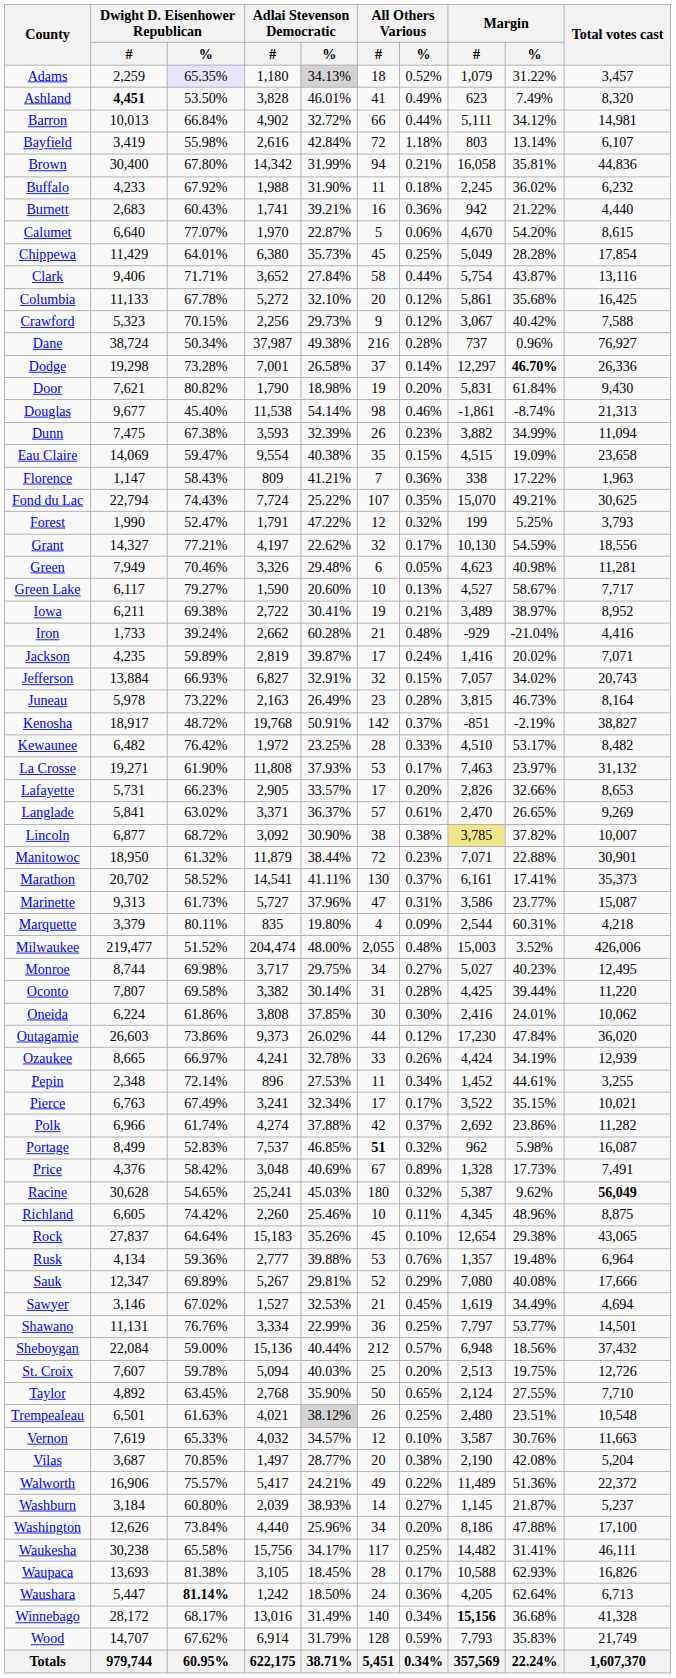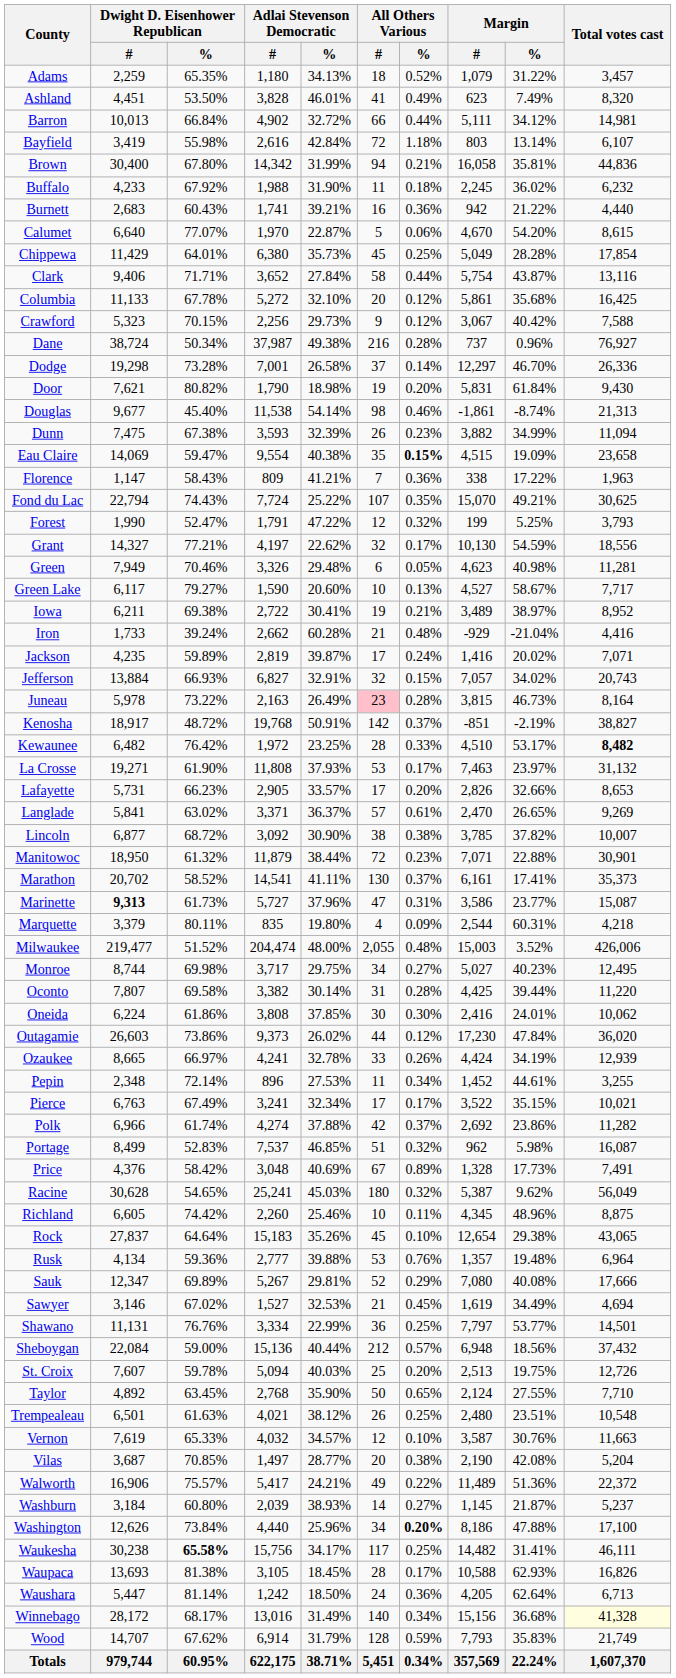 <table width="60%" class="wikitable sortable">
 <tr>
 <th style="text-align:center;" rowspan="2">County</th>
 <th style="text-align:center;" colspan="2">Dwight D. Eisenhower<br>Republican</th>
 <th style="text-align:center;" colspan="2">Adlai Stevenson<br>Democratic</th>
 <th style="text-align:center;" colspan="2">All Others<br>Various</th>
 <th style="text-align:center;" colspan="2">Margin</th>
 <th style="text-align:center;" rowspan="2">Total votes cast</th>
 </tr>
 <tr>
 <th style="text-align:center;" data-sort-type="number">#</th>
 <th style="text-align:center;" data-sort-type="number">%</th>
 <th style="text-align:center;" data-sort-type="number">#</th>
 <th style="text-align:center;" data-sort-type="number">%</th>
 <th style="text-align:center;" data-sort-type="number">#</th>
 <th style="text-align:center;" data-sort-type="number">%</th>
 <th style="text-align:center;" data-sort-type="number">#</th>
 <th style="text-align:center;" data-sort-type="number">%</th>
 </tr>
 <tr style="text-align:center;">
 <td><a href='#'>Adams</a></td>
 <td>2,259</td>
-<td style="background: lavender;">65.35%</td>
+<td>65.35%</td>
 <td>1,180</td>
-<td style="background: lightgrey;">34.13%</td>
+<td>34.13%</td>
 <td>18</td>
 <td>0.52%</td>
 <td>1,079</td>
 <td>31.22%</td>
 <td>3,457</td>
 </tr>
 <tr style="text-align:center;">
 <td><a href='#'>Ashland</a></td>
-<td><strong>4,451</strong></td>
+<td>4,451</td>
 <td>53.50%</td>
 <td>3,828</td>
 <td>46.01%</td>
 <td>41</td>
 <td>0.49%</td>
 <td>623</td>
 <td>7.49%</td>
 <td>8,320</td>
 </tr>
 <tr style="text-align:center;">
 <td><a href='#'>Barron</a></td>
 <td>10,013</td>
 <td>66.84%</td>
 <td>4,902</td>
 <td>32.72%</td>
 <td>66</td>
 <td>0.44%</td>
 <td>5,111</td>
 <td>34.12%</td>
 <td>14,981</td>
 </tr>
 <tr style="text-align:center;">
 <td><a href='#'>Bayfield</a></td>
 <td>3,419</td>
 <td>55.98%</td>
 <td>2,616</td>
 <td>42.84%</td>
 <td>72</td>
 <td>1.18%</td>
 <td>803</td>
 <td>13.14%</td>
 <td>6,107</td>
 </tr>
 <tr style="text-align:center;">
 <td><a href='#'>Brown</a></td>
 <td>30,400</td>
 <td>67.80%</td>
 <td>14,342</td>
 <td>31.99%</td>
 <td>94</td>
 <td>0.21%</td>
 <td>16,058</td>
 <td>35.81%</td>
 <td>44,836</td>
 </tr>
 <tr style="text-align:center;">
 <td><a href='#'>Buffalo</a></td>
 <td>4,233</td>
 <td>67.92%</td>
 <td>1,988</td>
 <td>31.90%</td>
 <td>11</td>
 <td>0.18%</td>
 <td>2,245</td>
 <td>36.02%</td>
 <td>6,232</td>
 </tr>
 <tr style="text-align:center;">
 <td><a href='#'>Burnett</a></td>
 <td>2,683</td>
 <td>60.43%</td>
 <td>1,741</td>
 <td>39.21%</td>
 <td>16</td>
 <td>0.36%</td>
 <td>942</td>
 <td>21.22%</td>
 <td>4,440</td>
 </tr>
 <tr style="text-align:center;">
 <td><a href='#'>Calumet</a></td>
 <td>6,640</td>
 <td>77.07%</td>
 <td>1,970</td>
 <td>22.87%</td>
 <td>5</td>
 <td>0.06%</td>
 <td>4,670</td>
 <td>54.20%</td>
 <td>8,615</td>
 </tr>
 <tr style="text-align:center;">
 <td><a href='#'>Chippewa</a></td>
 <td>11,429</td>
 <td>64.01%</td>
 <td>6,380</td>
 <td>35.73%</td>
 <td>45</td>
 <td>0.25%</td>
 <td>5,049</td>
 <td>28.28%</td>
 <td>17,854</td>
 </tr>
 <tr style="text-align:center;">
 <td><a href='#'>Clark</a></td>
 <td>9,406</td>
 <td>71.71%</td>
 <td>3,652</td>
 <td>27.84%</td>
 <td>58</td>
 <td>0.44%</td>
 <td>5,754</td>
 <td>43.87%</td>
 <td>13,116</td>
 </tr>
 <tr style="text-align:center;">
 <td><a href='#'>Columbia</a></td>
 <td>11,133</td>
 <td>67.78%</td>
 <td>5,272</td>
 <td>32.10%</td>
 <td>20</td>
 <td>0.12%</td>
 <td>5,861</td>
 <td>35.68%</td>
 <td>16,425</td>
 </tr>
 <tr style="text-align:center;">
 <td><a href='#'>Crawford</a></td>
 <td>5,323</td>
 <td>70.15%</td>
 <td>2,256</td>
 <td>29.73%</td>
 <td>9</td>
 <td>0.12%</td>
 <td>3,067</td>
 <td>40.42%</td>
 <td>7,588</td>
 </tr>
 <tr style="text-align:center;">
 <td><a href='#'>Dane</a></td>
 <td>38,724</td>
 <td>50.34%</td>
 <td>37,987</td>
 <td>49.38%</td>
 <td>216</td>
 <td>0.28%</td>
 <td>737</td>
 <td>0.96%</td>
 <td>76,927</td>
 </tr>
 <tr style="text-align:center;">
 <td><a href='#'>Dodge</a></td>
 <td>19,298</td>
 <td>73.28%</td>
 <td>7,001</td>
 <td>26.58%</td>
 <td>37</td>
 <td>0.14%</td>
 <td>12,297</td>
-<td><strong>46.70%</strong></td>
+<td>46.70%</td>
 <td>26,336</td>
 </tr>
 <tr style="text-align:center;">
 <td><a href='#'>Door</a></td>
 <td>7,621</td>
 <td>80.82%</td>
 <td>1,790</td>
 <td>18.98%</td>
 <td>19</td>
 <td>0.20%</td>
 <td>5,831</td>
 <td>61.84%</td>
 <td>9,430</td>
 </tr>
 <tr style="text-align:center;">
 <td><a href='#'>Douglas</a></td>
 <td>9,677</td>
 <td>45.40%</td>
 <td>11,538</td>
 <td>54.14%</td>
 <td>98</td>
 <td>0.46%</td>
 <td>-1,861</td>
 <td>-8.74%</td>
 <td>21,313</td>
 </tr>
 <tr style="text-align:center;">
 <td><a href='#'>Dunn</a></td>
 <td>7,475</td>
 <td>67.38%</td>
 <td>3,593</td>
 <td>32.39%</td>
 <td>26</td>
 <td>0.23%</td>
 <td>3,882</td>
 <td>34.99%</td>
 <td>11,094</td>
 </tr>
 <tr style="text-align:center;">
 <td><a href='#'>Eau Claire</a></td>
 <td>14,069</td>
 <td>59.47%</td>
 <td>9,554</td>
 <td>40.38%</td>
 <td>35</td>
-<td>0.15%</td>
+<td><strong>0.15%</strong></td>
 <td>4,515</td>
 <td>19.09%</td>
 <td>23,658</td>
 </tr>
 <tr style="text-align:center;">
 <td><a href='#'>Florence</a></td>
 <td>1,147</td>
 <td>58.43%</td>
 <td>809</td>
 <td>41.21%</td>
 <td>7</td>
 <td>0.36%</td>
 <td>338</td>
 <td>17.22%</td>
 <td>1,963</td>
 </tr>
 <tr style="text-align:center;">
 <td><a href='#'>Fond du Lac</a></td>
 <td>22,794</td>
 <td>74.43%</td>
 <td>7,724</td>
 <td>25.22%</td>
 <td>107</td>
 <td>0.35%</td>
 <td>15,070</td>
 <td>49.21%</td>
 <td>30,625</td>
 </tr>
 <tr style="text-align:center;">
 <td><a href='#'>Forest</a></td>
 <td>1,990</td>
 <td>52.47%</td>
 <td>1,791</td>
 <td>47.22%</td>
 <td>12</td>
 <td>0.32%</td>
 <td>199</td>
 <td>5.25%</td>
 <td>3,793</td>
 </tr>
 <tr style="text-align:center;">
 <td><a href='#'>Grant</a></td>
 <td>14,327</td>
 <td>77.21%</td>
 <td>4,197</td>
 <td>22.62%</td>
 <td>32</td>
 <td>0.17%</td>
 <td>10,130</td>
 <td>54.59%</td>
 <td>18,556</td>
 </tr>
 <tr style="text-align:center;">
 <td><a href='#'>Green</a></td>
 <td>7,949</td>
 <td>70.46%</td>
 <td>3,326</td>
 <td>29.48%</td>
 <td>6</td>
 <td>0.05%</td>
 <td>4,623</td>
 <td>40.98%</td>
 <td>11,281</td>
 </tr>
 <tr style="text-align:center;">
 <td><a href='#'>Green Lake</a></td>
 <td>6,117</td>
 <td>79.27%</td>
 <td>1,590</td>
 <td>20.60%</td>
 <td>10</td>
 <td>0.13%</td>
 <td>4,527</td>
 <td>58.67%</td>
 <td>7,717</td>
 </tr>
 <tr style="text-align:center;">
 <td><a href='#'>Iowa</a></td>
 <td>6,211</td>
 <td>69.38%</td>
 <td>2,722</td>
 <td>30.41%</td>
 <td>19</td>
 <td>0.21%</td>
 <td>3,489</td>
 <td>38.97%</td>
 <td>8,952</td>
 </tr>
 <tr style="text-align:center;">
 <td><a href='#'>Iron</a></td>
 <td>1,733</td>
 <td>39.24%</td>
 <td>2,662</td>
 <td>60.28%</td>
 <td>21</td>
 <td>0.48%</td>
 <td>-929</td>
 <td>-21.04%</td>
 <td>4,416</td>
 </tr>
 <tr style="text-align:center;">
 <td><a href='#'>Jackson</a></td>
 <td>4,235</td>
 <td>59.89%</td>
 <td>2,819</td>
 <td>39.87%</td>
 <td>17</td>
 <td>0.24%</td>
 <td>1,416</td>
 <td>20.02%</td>
 <td>7,071</td>
 </tr>
 <tr style="text-align:center;">
 <td><a href='#'>Jefferson</a></td>
 <td>13,884</td>
 <td>66.93%</td>
 <td>6,827</td>
 <td>32.91%</td>
 <td>32</td>
 <td>0.15%</td>
 <td>7,057</td>
 <td>34.02%</td>
 <td>20,743</td>
 </tr>
 <tr style="text-align:center;">
 <td><a href='#'>Juneau</a></td>
 <td>5,978</td>
 <td>73.22%</td>
 <td>2,163</td>
 <td>26.49%</td>
-<td>23</td>
+<td style="background: pink;">23</td>
 <td>0.28%</td>
 <td>3,815</td>
 <td>46.73%</td>
 <td>8,164</td>
 </tr>
 <tr style="text-align:center;">
 <td><a href='#'>Kenosha</a></td>
 <td>18,917</td>
 <td>48.72%</td>
 <td>19,768</td>
 <td>50.91%</td>
 <td>142</td>
 <td>0.37%</td>
 <td>-851</td>
 <td>-2.19%</td>
 <td>38,827</td>
 </tr>
 <tr style="text-align:center;">
 <td><a href='#'>Kewaunee</a></td>
 <td>6,482</td>
 <td>76.42%</td>
 <td>1,972</td>
 <td>23.25%</td>
 <td>28</td>
 <td>0.33%</td>
 <td>4,510</td>
 <td>53.17%</td>
-<td>8,482</td>
+<td><strong>8,482</strong></td>
 </tr>
 <tr style="text-align:center;">
 <td><a href='#'>La Crosse</a></td>
 <td>19,271</td>
 <td>61.90%</td>
 <td>11,808</td>
 <td>37.93%</td>
 <td>53</td>
 <td>0.17%</td>
 <td>7,463</td>
 <td>23.97%</td>
 <td>31,132</td>
 </tr>
 <tr style="text-align:center;">
 <td><a href='#'>Lafayette</a></td>
 <td>5,731</td>
 <td>66.23%</td>
 <td>2,905</td>
 <td>33.57%</td>
 <td>17</td>
 <td>0.20%</td>
 <td>2,826</td>
 <td>32.66%</td>
 <td>8,653</td>
 </tr>
 <tr style="text-align:center;">
 <td><a href='#'>Langlade</a></td>
 <td>5,841</td>
 <td>63.02%</td>
 <td>3,371</td>
 <td>36.37%</td>
 <td>57</td>
 <td>0.61%</td>
 <td>2,470</td>
 <td>26.65%</td>
 <td>9,269</td>
 </tr>
 <tr style="text-align:center;">
 <td><a href='#'>Lincoln</a></td>
 <td>6,877</td>
 <td>68.72%</td>
 <td>3,092</td>
 <td>30.90%</td>
 <td>38</td>
 <td>0.38%</td>
-<td style="background: khaki;">3,785</td>
+<td>3,785</td>
 <td>37.82%</td>
 <td>10,007</td>
 </tr>
 <tr style="text-align:center;">
 <td><a href='#'>Manitowoc</a></td>
 <td>18,950</td>
 <td>61.32%</td>
 <td>11,879</td>
 <td>38.44%</td>
 <td>72</td>
 <td>0.23%</td>
 <td>7,071</td>
 <td>22.88%</td>
 <td>30,901</td>
 </tr>
 <tr style="text-align:center;">
 <td><a href='#'>Marathon</a></td>
 <td>20,702</td>
 <td>58.52%</td>
 <td>14,541</td>
 <td>41.11%</td>
 <td>130</td>
 <td>0.37%</td>
 <td>6,161</td>
 <td>17.41%</td>
 <td>35,373</td>
 </tr>
 <tr style="text-align:center;">
 <td><a href='#'>Marinette</a></td>
-<td>9,313</td>
+<td><strong>9,313</strong></td>
 <td>61.73%</td>
 <td>5,727</td>
 <td>37.96%</td>
 <td>47</td>
 <td>0.31%</td>
 <td>3,586</td>
 <td>23.77%</td>
 <td>15,087</td>
 </tr>
 <tr style="text-align:center;">
 <td><a href='#'>Marquette</a></td>
 <td>3,379</td>
 <td>80.11%</td>
 <td>835</td>
 <td>19.80%</td>
 <td>4</td>
 <td>0.09%</td>
 <td>2,544</td>
 <td>60.31%</td>
 <td>4,218</td>
 </tr>
 <tr style="text-align:center;">
 <td><a href='#'>Milwaukee</a></td>
 <td>219,477</td>
 <td>51.52%</td>
 <td>204,474</td>
 <td>48.00%</td>
 <td>2,055</td>
 <td>0.48%</td>
 <td>15,003</td>
 <td>3.52%</td>
 <td>426,006</td>
 </tr>
 <tr style="text-align:center;">
 <td><a href='#'>Monroe</a></td>
 <td>8,744</td>
 <td>69.98%</td>
 <td>3,717</td>
 <td>29.75%</td>
 <td>34</td>
 <td>0.27%</td>
 <td>5,027</td>
 <td>40.23%</td>
 <td>12,495</td>
 </tr>
 <tr style="text-align:center;">
 <td><a href='#'>Oconto</a></td>
 <td>7,807</td>
 <td>69.58%</td>
 <td>3,382</td>
 <td>30.14%</td>
 <td>31</td>
 <td>0.28%</td>
 <td>4,425</td>
 <td>39.44%</td>
 <td>11,220</td>
 </tr>
 <tr style="text-align:center;">
 <td><a href='#'>Oneida</a></td>
 <td>6,224</td>
 <td>61.86%</td>
 <td>3,808</td>
 <td>37.85%</td>
 <td>30</td>
 <td>0.30%</td>
 <td>2,416</td>
 <td>24.01%</td>
 <td>10,062</td>
 </tr>
 <tr style="text-align:center;">
 <td><a href='#'>Outagamie</a></td>
 <td>26,603</td>
 <td>73.86%</td>
 <td>9,373</td>
 <td>26.02%</td>
 <td>44</td>
 <td>0.12%</td>
 <td>17,230</td>
 <td>47.84%</td>
 <td>36,020</td>
 </tr>
 <tr style="text-align:center;">
 <td><a href='#'>Ozaukee</a></td>
 <td>8,665</td>
 <td>66.97%</td>
 <td>4,241</td>
 <td>32.78%</td>
 <td>33</td>
 <td>0.26%</td>
 <td>4,424</td>
 <td>34.19%</td>
 <td>12,939</td>
 </tr>
 <tr style="text-align:center;">
 <td><a href='#'>Pepin</a></td>
 <td>2,348</td>
 <td>72.14%</td>
 <td>896</td>
 <td>27.53%</td>
 <td>11</td>
 <td>0.34%</td>
 <td>1,452</td>
 <td>44.61%</td>
 <td>3,255</td>
 </tr>
 <tr style="text-align:center;">
 <td><a href='#'>Pierce</a></td>
 <td>6,763</td>
 <td>67.49%</td>
 <td>3,241</td>
 <td>32.34%</td>
 <td>17</td>
 <td>0.17%</td>
 <td>3,522</td>
 <td>35.15%</td>
 <td>10,021</td>
 </tr>
 <tr style="text-align:center;">
 <td><a href='#'>Polk</a></td>
 <td>6,966</td>
 <td>61.74%</td>
 <td>4,274</td>
 <td>37.88%</td>
 <td>42</td>
 <td>0.37%</td>
 <td>2,692</td>
 <td>23.86%</td>
 <td>11,282</td>
 </tr>
 <tr style="text-align:center;">
 <td><a href='#'>Portage</a></td>
 <td>8,499</td>
 <td>52.83%</td>
 <td>7,537</td>
 <td>46.85%</td>
-<td><strong>51</strong></td>
+<td>51</td>
 <td>0.32%</td>
 <td>962</td>
 <td>5.98%</td>
 <td>16,087</td>
 </tr>
 <tr style="text-align:center;">
 <td><a href='#'>Price</a></td>
 <td>4,376</td>
 <td>58.42%</td>
 <td>3,048</td>
 <td>40.69%</td>
 <td>67</td>
 <td>0.89%</td>
 <td>1,328</td>
 <td>17.73%</td>
 <td>7,491</td>
 </tr>
 <tr style="text-align:center;">
 <td><a href='#'>Racine</a></td>
 <td>30,628</td>
 <td>54.65%</td>
 <td>25,241</td>
 <td>45.03%</td>
 <td>180</td>
 <td>0.32%</td>
 <td>5,387</td>
 <td>9.62%</td>
-<td><strong>56,049</strong></td>
+<td>56,049</td>
 </tr>
 <tr style="text-align:center;">
 <td><a href='#'>Richland</a></td>
 <td>6,605</td>
 <td>74.42%</td>
 <td>2,260</td>
 <td>25.46%</td>
 <td>10</td>
 <td>0.11%</td>
 <td>4,345</td>
 <td>48.96%</td>
 <td>8,875</td>
 </tr>
 <tr style="text-align:center;">
 <td><a href='#'>Rock</a></td>
 <td>27,837</td>
 <td>64.64%</td>
 <td>15,183</td>
 <td>35.26%</td>
 <td>45</td>
 <td>0.10%</td>
 <td>12,654</td>
 <td>29.38%</td>
 <td>43,065</td>
 </tr>
 <tr style="text-align:center;">
 <td><a href='#'>Rusk</a></td>
 <td>4,134</td>
 <td>59.36%</td>
 <td>2,777</td>
 <td>39.88%</td>
 <td>53</td>
 <td>0.76%</td>
 <td>1,357</td>
 <td>19.48%</td>
 <td>6,964</td>
 </tr>
 <tr style="text-align:center;">
 <td><a href='#'>Sauk</a></td>
 <td>12,347</td>
 <td>69.89%</td>
 <td>5,267</td>
 <td>29.81%</td>
 <td>52</td>
 <td>0.29%</td>
 <td>7,080</td>
 <td>40.08%</td>
 <td>17,666</td>
 </tr>
 <tr style="text-align:center;">
 <td><a href='#'>Sawyer</a></td>
 <td>3,146</td>
 <td>67.02%</td>
 <td>1,527</td>
 <td>32.53%</td>
 <td>21</td>
 <td>0.45%</td>
 <td>1,619</td>
 <td>34.49%</td>
 <td>4,694</td>
 </tr>
 <tr style="text-align:center;">
 <td><a href='#'>Shawano</a></td>
 <td>11,131</td>
 <td>76.76%</td>
 <td>3,334</td>
 <td>22.99%</td>
 <td>36</td>
 <td>0.25%</td>
 <td>7,797</td>
 <td>53.77%</td>
 <td>14,501</td>
 </tr>
 <tr style="text-align:center;">
 <td><a href='#'>Sheboygan</a></td>
 <td>22,084</td>
 <td>59.00%</td>
 <td>15,136</td>
 <td>40.44%</td>
 <td>212</td>
 <td>0.57%</td>
 <td>6,948</td>
 <td>18.56%</td>
 <td>37,432</td>
 </tr>
 <tr style="text-align:center;">
 <td><a href='#'>St. Croix</a></td>
 <td>7,607</td>
 <td>59.78%</td>
 <td>5,094</td>
 <td>40.03%</td>
 <td>25</td>
 <td>0.20%</td>
 <td>2,513</td>
 <td>19.75%</td>
 <td>12,726</td>
 </tr>
 <tr style="text-align:center;">
 <td><a href='#'>Taylor</a></td>
 <td>4,892</td>
 <td>63.45%</td>
 <td>2,768</td>
 <td>35.90%</td>
 <td>50</td>
 <td>0.65%</td>
 <td>2,124</td>
 <td>27.55%</td>
 <td>7,710</td>
 </tr>
 <tr style="text-align:center;">
 <td><a href='#'>Trempealeau</a></td>
 <td>6,501</td>
 <td>61.63%</td>
 <td>4,021</td>
-<td style="background: lightgrey;">38.12%</td>
+<td>38.12%</td>
 <td>26</td>
 <td>0.25%</td>
 <td>2,480</td>
 <td>23.51%</td>
 <td>10,548</td>
 </tr>
 <tr style="text-align:center;">
 <td><a href='#'>Vernon</a></td>
 <td>7,619</td>
 <td>65.33%</td>
 <td>4,032</td>
 <td>34.57%</td>
 <td>12</td>
 <td>0.10%</td>
 <td>3,587</td>
 <td>30.76%</td>
 <td>11,663</td>
 </tr>
 <tr style="text-align:center;">
 <td><a href='#'>Vilas</a></td>
 <td>3,687</td>
 <td>70.85%</td>
 <td>1,497</td>
 <td>28.77%</td>
 <td>20</td>
 <td>0.38%</td>
 <td>2,190</td>
 <td>42.08%</td>
 <td>5,204</td>
 </tr>
 <tr style="text-align:center;">
 <td><a href='#'>Walworth</a></td>
 <td>16,906</td>
 <td>75.57%</td>
 <td>5,417</td>
 <td>24.21%</td>
 <td>49</td>
 <td>0.22%</td>
 <td>11,489</td>
 <td>51.36%</td>
 <td>22,372</td>
 </tr>
 <tr style="text-align:center;">
 <td><a href='#'>Washburn</a></td>
 <td>3,184</td>
 <td>60.80%</td>
 <td>2,039</td>
 <td>38.93%</td>
 <td>14</td>
 <td>0.27%</td>
 <td>1,145</td>
 <td>21.87%</td>
 <td>5,237</td>
 </tr>
 <tr style="text-align:center;">
 <td><a href='#'>Washington</a></td>
 <td>12,626</td>
 <td>73.84%</td>
 <td>4,440</td>
 <td>25.96%</td>
 <td>34</td>
-<td>0.20%</td>
+<td><strong>0.20%</strong></td>
 <td>8,186</td>
 <td>47.88%</td>
 <td>17,100</td>
 </tr>
 <tr style="text-align:center;">
 <td><a href='#'>Waukesha</a></td>
 <td>30,238</td>
-<td>65.58%</td>
+<td><strong>65.58%</strong></td>
 <td>15,756</td>
 <td>34.17%</td>
 <td>117</td>
 <td>0.25%</td>
 <td>14,482</td>
 <td>31.41%</td>
 <td>46,111</td>
 </tr>
 <tr style="text-align:center;">
 <td><a href='#'>Waupaca</a></td>
 <td>13,693</td>
 <td>81.38%</td>
 <td>3,105</td>
 <td>18.45%</td>
 <td>28</td>
 <td>0.17%</td>
 <td>10,588</td>
 <td>62.93%</td>
 <td>16,826</td>
 </tr>
 <tr style="text-align:center;">
 <td><a href='#'>Waushara</a></td>
 <td>5,447</td>
-<td><strong>81.14%</strong></td>
+<td>81.14%</td>
 <td>1,242</td>
 <td>18.50%</td>
 <td>24</td>
 <td>0.36%</td>
 <td>4,205</td>
 <td>62.64%</td>
 <td>6,713</td>
 </tr>
 <tr style="text-align:center;">
 <td><a href='#'>Winnebago</a></td>
 <td>28,172</td>
 <td>68.17%</td>
 <td>13,016</td>
 <td>31.49%</td>
 <td>140</td>
 <td>0.34%</td>
-<td><strong>15,156</strong></td>
+<td>15,156</td>
 <td>36.68%</td>
-<td>41,328</td>
+<td style="background: lightyellow;">41,328</td>
 </tr>
 <tr style="text-align:center;">
 <td><a href='#'>Wood</a></td>
 <td>14,707</td>
 <td>67.62%</td>
 <td>6,914</td>
 <td>31.79%</td>
 <td>128</td>
 <td>0.59%</td>
 <td>7,793</td>
 <td>35.83%</td>
 <td>21,749</td>
 </tr>
 <tr style="text-align:center;">
 <th>Totals</th>
 <th>979,744</th>
 <th>60.95%</th>
 <th>622,175</th>
 <th>38.71%</th>
 <th>5,451</th>
 <th>0.34%</th>
 <th>357,569</th>
 <th>22.24%</th>
 <th>1,607,370</th>
 </tr>
 </table>
